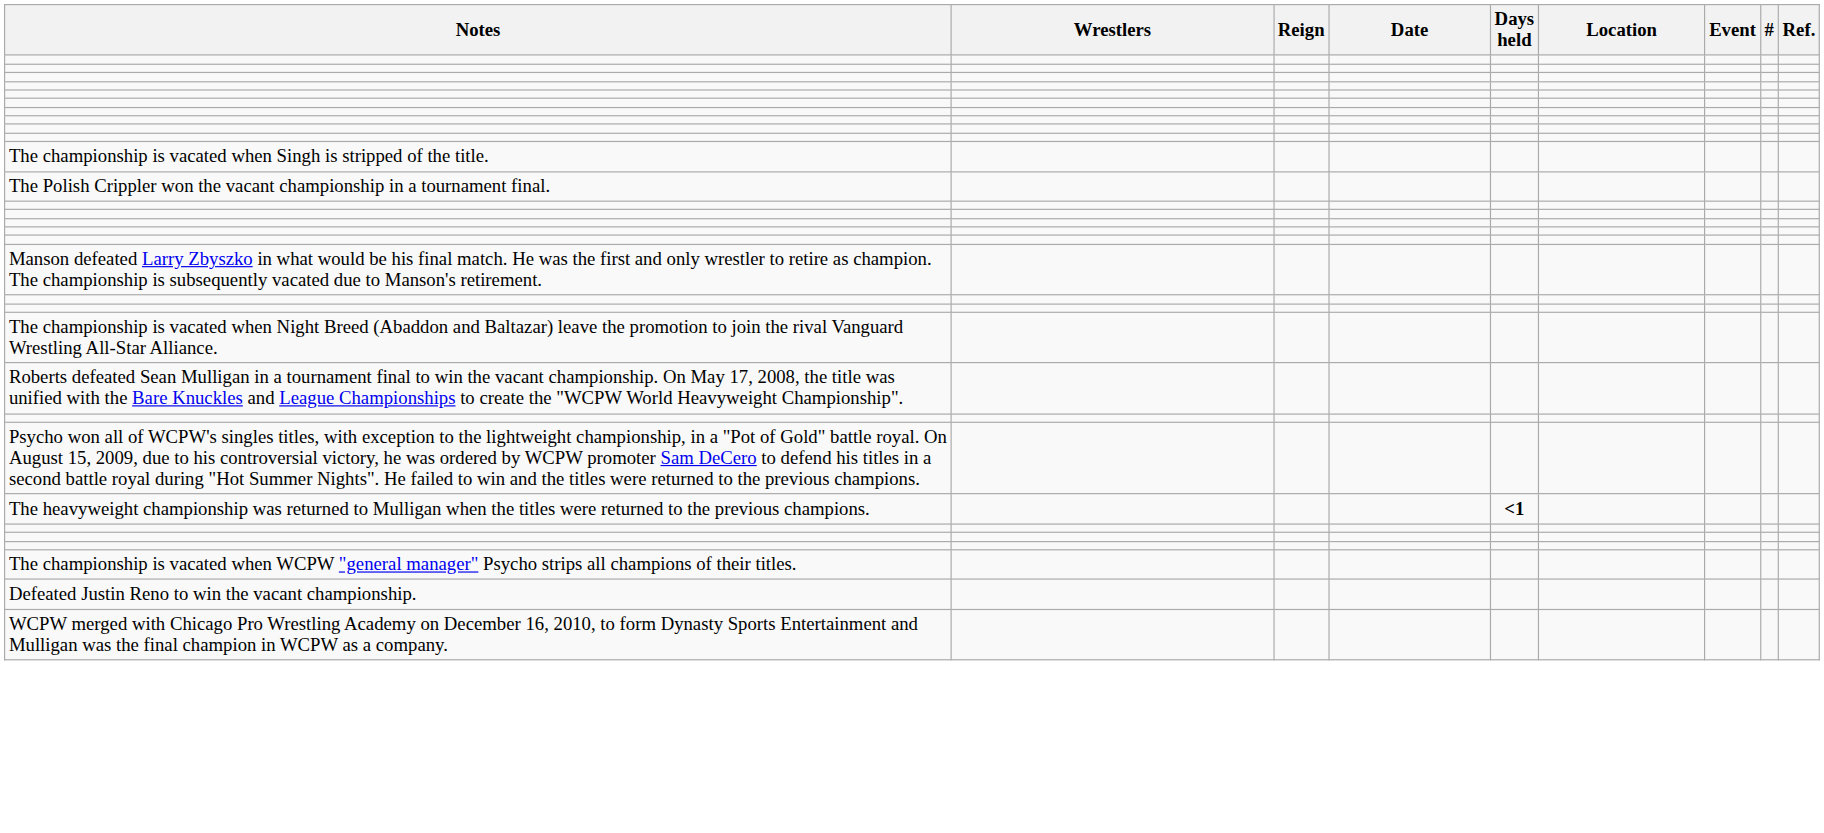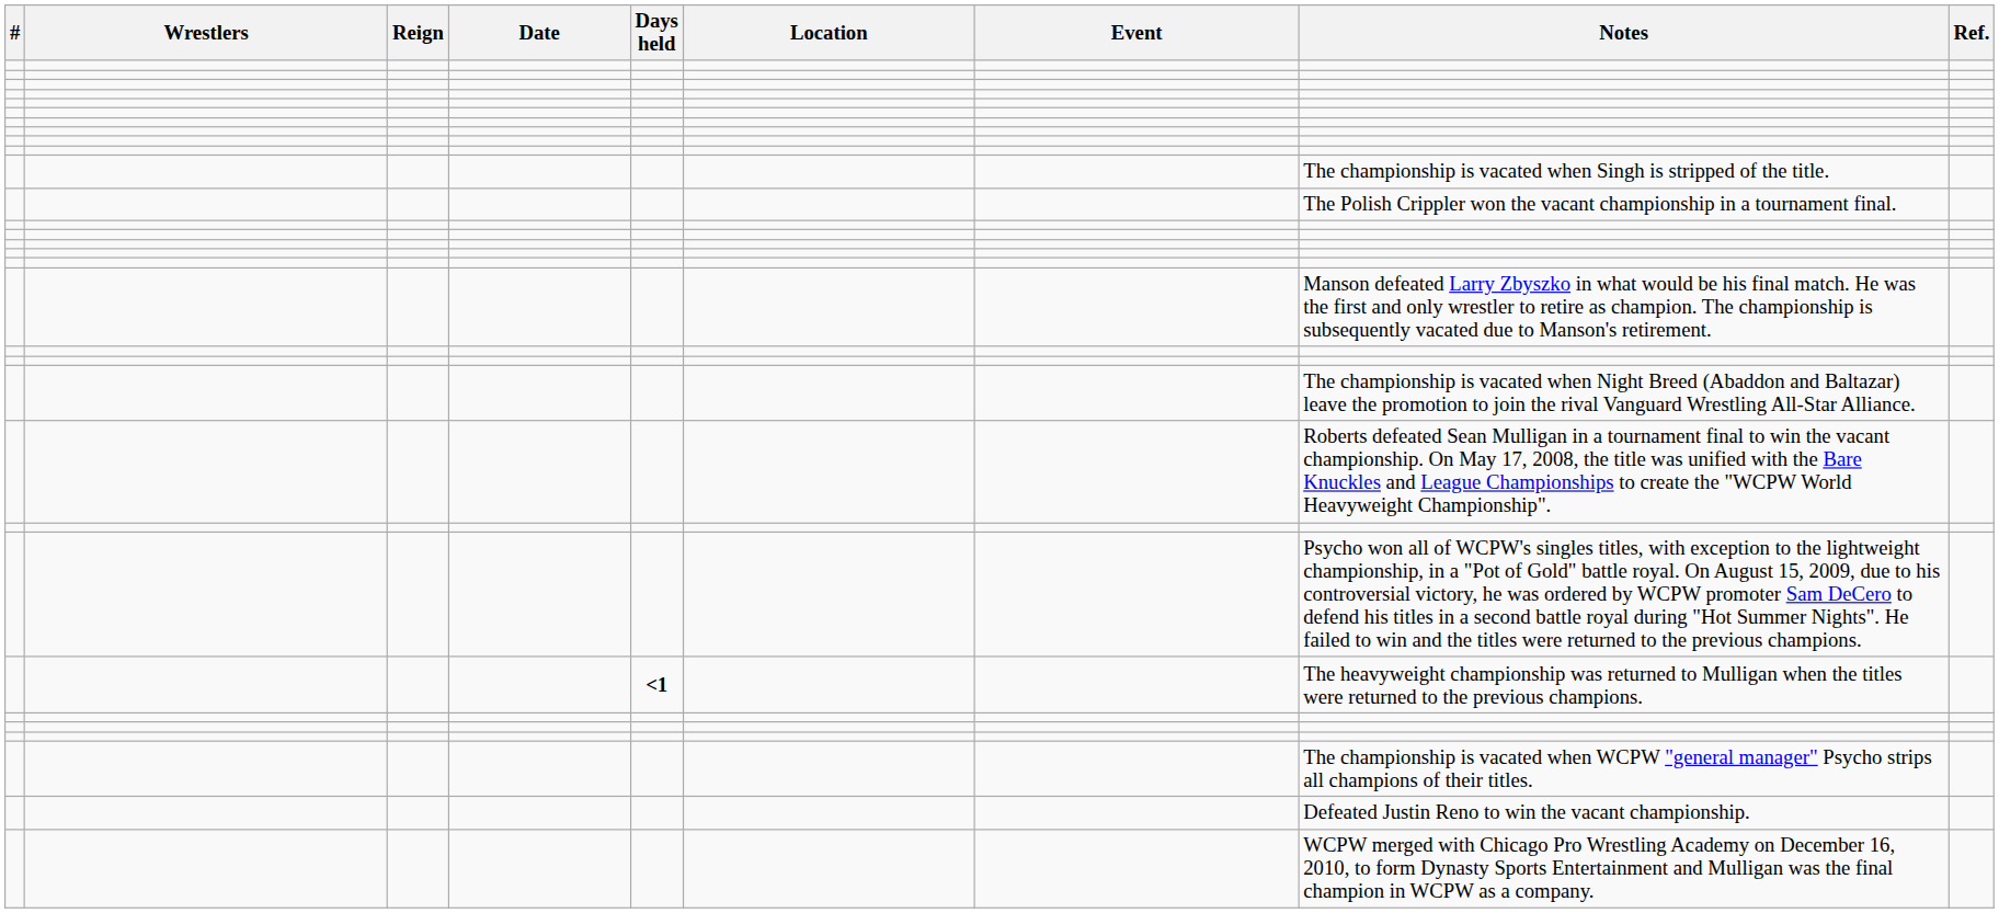 <table class="wikitable sortable" width=98% style="text-align:center;">
 <tr>
-<th width=60% class="unsortable">Notes</th>
+<th width=0%>#</th>
 <th width=20%>Wrestlers</th>
 <th width=0%>Reign</th>
 <th width=10%>Date</th>
 <th width=0%>Days<br>held</th>
 <th width=16%>Location</th>
 <th width=18%>Event</th>
-<th width=0%>#</th>
+<th width=60% class="unsortable">Notes</th>
 <th width=0% class="unsortable">Ref.</th>
 </tr>
 <tr>
-<td align="left"></td>
-<td></td>
-<td></td>
-<td></td>
-<td></td>
-<td></td>
-<td></td>
-<td></td>
-<td align="left"> </td>
-</tr>
-<tr>
-<td align="left"></td>
 <td></td>
 <td></td>
 <td></td>
 <td></td>
 <td></td>
 <td></td>
 <td></td>
 <td align="left"></td>
+<td align="left"> </td>
 </tr>
 <tr>
-<td align="left"></td>
 <td></td>
 <td></td>
 <td></td>
 <td></td>
 <td></td>
 <td></td>
 <td></td>
 <td align="left"></td>
+<td align="left"></td>
 </tr>
 <tr>
-<td align="left"></td>
 <td></td>
 <td></td>
 <td></td>
 <td></td>
 <td></td>
 <td></td>
 <td></td>
 <td align="left"></td>
+<td align="left"></td>
 </tr>
 <tr>
-<td align="left"></td>
 <td></td>
 <td></td>
 <td></td>
 <td></td>
 <td></td>
 <td></td>
 <td></td>
 <td align="left"></td>
+<td align="left"></td>
 </tr>
 <tr>
-<td align="left"></td>
 <td></td>
 <td></td>
 <td></td>
 <td></td>
 <td></td>
 <td></td>
 <td></td>
 <td align="left"></td>
+<td align="left"></td>
 </tr>
 <tr>
-<td align="left"></td>
 <td></td>
 <td></td>
 <td></td>
 <td></td>
 <td></td>
 <td></td>
 <td></td>
 <td align="left"></td>
+<td align="left"></td>
 </tr>
 <tr>
-<td align="left"></td>
 <td></td>
 <td></td>
 <td></td>
 <td></td>
 <td></td>
 <td></td>
 <td></td>
 <td align="left"></td>
+<td align="left"></td>
 </tr>
 <tr>
-<td align="left"></td>
 <td></td>
 <td></td>
 <td></td>
 <td></td>
 <td></td>
 <td></td>
 <td></td>
 <td align="left"></td>
+<td align="left"></td>
 </tr>
 <tr>
-<td align="left"></td>
 <td></td>
 <td></td>
 <td></td>
 <td></td>
 <td></td>
 <td></td>
 <td></td>
 <td align="left"></td>
+<td align="left"></td>
 </tr>
 <tr>
-<td align="left">The championship is vacated when Singh is stripped of the title.</td>
 <td></td>
 <td></td>
 <td></td>
 <td></td>
 <td></td>
 <td></td>
 <td></td>
 <td align="left"></td>
+<td align="left"></td>
 </tr>
 <tr>
+<td></td>
+<td></td>
+<td></td>
+<td></td>
+<td></td>
+<td></td>
+<td></td>
+<td align="left">The championship is vacated when Singh is stripped of the title.</td>
+<td align="left"></td>
+</tr>
+<tr>
+<td></td>
+<td></td>
+<td></td>
+<td></td>
+<td></td>
+<td></td>
+<td></td>
 <td align="left">The Polish Crippler won the vacant championship in a tournament final.</td>
+<td align="left"></td>
+</tr>
+<tr>
 <td></td>
 <td></td>
 <td></td>
 <td></td>
 <td></td>
 <td></td>
 <td></td>
 <td align="left"></td>
+<td align="left"></td>
 </tr>
 <tr>
-<td align="left"></td>
 <td></td>
 <td></td>
 <td></td>
 <td></td>
 <td></td>
 <td></td>
 <td></td>
 <td align="left"></td>
+<td align="left"></td>
 </tr>
 <tr>
-<td align="left"></td>
 <td></td>
 <td></td>
 <td></td>
 <td></td>
 <td></td>
 <td></td>
 <td></td>
 <td align="left"></td>
-</tr>
-<tr>
-<td align="left"></td>
-<td></td>
-<td></td>
-<td></td>
-<td></td>
-<td></td>
-<td></td>
-<td></td>
 <td align="left"> </td>
 </tr>
 <tr>
-<td align="left"></td>
 <td></td>
 <td></td>
 <td></td>
 <td></td>
 <td></td>
 <td></td>
 <td></td>
 <td align="left"></td>
+<td align="left"></td>
 </tr>
 <tr>
-<td align="left"></td>
 <td></td>
 <td></td>
 <td></td>
 <td></td>
 <td></td>
 <td></td>
 <td></td>
 <td align="left"></td>
+<td align="left"></td>
 </tr>
 <tr>
+<td></td>
+<td></td>
+<td></td>
+<td></td>
+<td></td>
+<td></td>
+<td></td>
 <td align="left">Manson defeated <a href='#'>Larry Zbyszko</a> in what would be his final match. He was the first and only wrestler to retire as champion. The championship is subsequently vacated due to Manson's retirement.</td>
+<td align="left"></td>
+</tr>
+<tr>
 <td></td>
 <td></td>
 <td></td>
 <td></td>
 <td></td>
 <td></td>
 <td></td>
 <td align="left"></td>
+<td align="left"></td>
 </tr>
 <tr>
-<td align="left"></td>
 <td></td>
 <td></td>
 <td></td>
 <td></td>
 <td></td>
 <td></td>
 <td></td>
 <td align="left"></td>
+<td align="left"></td>
 </tr>
 <tr>
+<td></td>
+<td></td>
+<td></td>
+<td></td>
+<td></td>
+<td></td>
+<td></td>
+<td align="left">The championship is vacated when Night Breed (Abaddon and Baltazar) leave the promotion to join the rival Vanguard Wrestling All-Star Alliance.</td>
 <td align="left"></td>
+</tr>
+<tr>
+<td></td>
+<td></td>
+<td></td>
+<td></td>
+<td></td>
+<td></td>
+<td></td>
+<td align="left">Roberts defeated Sean Mulligan in a tournament final to win the vacant championship. On May 17, 2008, the title was unified with the <a href='#'>Bare Knuckles</a> and <a href='#'>League Championships</a> to create the "WCPW World Heavyweight Championship".</td>
+<td align="left"></td>
+</tr>
+<tr>
 <td></td>
 <td></td>
 <td></td>
 <td></td>
 <td></td>
 <td></td>
 <td></td>
 <td align="left"></td>
+<td align="left"></td>
 </tr>
 <tr>
-<td align="left">The championship is vacated when Night Breed (Abaddon and Baltazar) leave the promotion to join the rival Vanguard Wrestling All-Star Alliance.</td>
+<td></td>
+<td></td>
+<td></td>
+<td></td>
+<td></td>
+<td></td>
+<td></td>
+<td align="left">Psycho won all of WCPW's singles titles, with exception to the lightweight championship, in a "Pot of Gold" battle royal. On August 15, 2009, due to his controversial victory, he was ordered by WCPW promoter <a href='#'>Sam DeCero</a> to defend his titles in a second battle royal during "Hot Summer Nights". He failed to win and the titles were returned to the previous champions.</td>
+<td align="left"></td>
+</tr>
+<tr>
+<td></td>
+<td></td>
+<td></td>
+<td></td>
+<td><strong><1</strong></td>
+<td></td>
+<td></td>
+<td align="left">The heavyweight championship was returned to Mulligan when the titles were returned to the previous champions.</td>
+<td align="left"></td>
+</tr>
+<tr>
 <td></td>
 <td></td>
 <td></td>
 <td></td>
 <td></td>
 <td></td>
 <td></td>
 <td align="left"></td>
+<td align="left"></td>
 </tr>
 <tr>
-<td align="left">Roberts defeated Sean Mulligan in a tournament final to win the vacant championship. On May 17, 2008, the title was unified with the <a href='#'>Bare Knuckles</a> and <a href='#'>League Championships</a> to create the "WCPW World Heavyweight Championship".</td>
 <td></td>
 <td></td>
 <td></td>
 <td></td>
 <td></td>
 <td></td>
 <td></td>
 <td align="left"></td>
+<td align="left"></td>
 </tr>
 <tr>
-<td align="left"></td>
 <td></td>
 <td></td>
 <td></td>
 <td></td>
 <td></td>
 <td></td>
 <td></td>
 <td align="left"></td>
+<td align="left"></td>
 </tr>
 <tr>
-<td align="left">Psycho won all of WCPW's singles titles, with exception to the lightweight championship, in a "Pot of Gold" battle royal. On August 15, 2009, due to his controversial victory, he was ordered by WCPW promoter <a href='#'>Sam DeCero</a> to defend his titles in a second battle royal during "Hot Summer Nights". He failed to win and the titles were returned to the previous champions.</td>
 <td></td>
 <td></td>
 <td></td>
 <td></td>
 <td></td>
 <td></td>
 <td></td>
+<td align="left">The championship is vacated when WCPW <a href='#'>"general manager"</a> Psycho strips all champions of their titles.</td>
 <td align="left"></td>
 </tr>
 <tr>
-<td align="left">The heavyweight championship was returned to Mulligan when the titles were returned to the previous champions.</td>
-<td></td>
-<td></td>
-<td></td>
-<td><strong><1</strong></td>
-<td></td>
-<td></td>
-<td></td>
-<td align="left"></td>
-</tr>
-<tr>
-<td align="left"></td>
 <td></td>
 <td></td>
 <td></td>
 <td></td>
 <td></td>
 <td></td>
 <td></td>
+<td align="left">Defeated Justin Reno to win the vacant championship.</td>
 <td align="left"></td>
 </tr>
 <tr>
-<td align="left"></td>
 <td></td>
 <td></td>
 <td></td>
 <td></td>
 <td></td>
 <td></td>
 <td></td>
-<td align="left"></td>
-</tr>
-<tr>
-<td align="left"></td>
-<td></td>
-<td></td>
-<td></td>
-<td></td>
-<td></td>
-<td></td>
-<td></td>
-<td align="left"></td>
-</tr>
-<tr>
-<td align="left">The championship is vacated when WCPW <a href='#'>"general manager"</a> Psycho strips all champions of their titles.</td>
-<td></td>
-<td></td>
-<td></td>
-<td></td>
-<td></td>
-<td></td>
-<td></td>
-<td align="left"></td>
-</tr>
-<tr>
-<td align="left">Defeated Justin Reno to win the vacant championship.</td>
-<td></td>
-<td></td>
-<td></td>
-<td></td>
-<td></td>
-<td></td>
-<td></td>
-<td align="left"></td>
-</tr>
-<tr>
 <td align="left">WCPW merged with Chicago Pro Wrestling Academy on December 16, 2010, to form Dynasty Sports Entertainment and Mulligan was the final champion in WCPW as a company.</td>
-<td></td>
-<td></td>
-<td></td>
-<td></td>
-<td></td>
-<td></td>
-<td></td>
 <td align="left"></td>
 </tr>
 </table>
